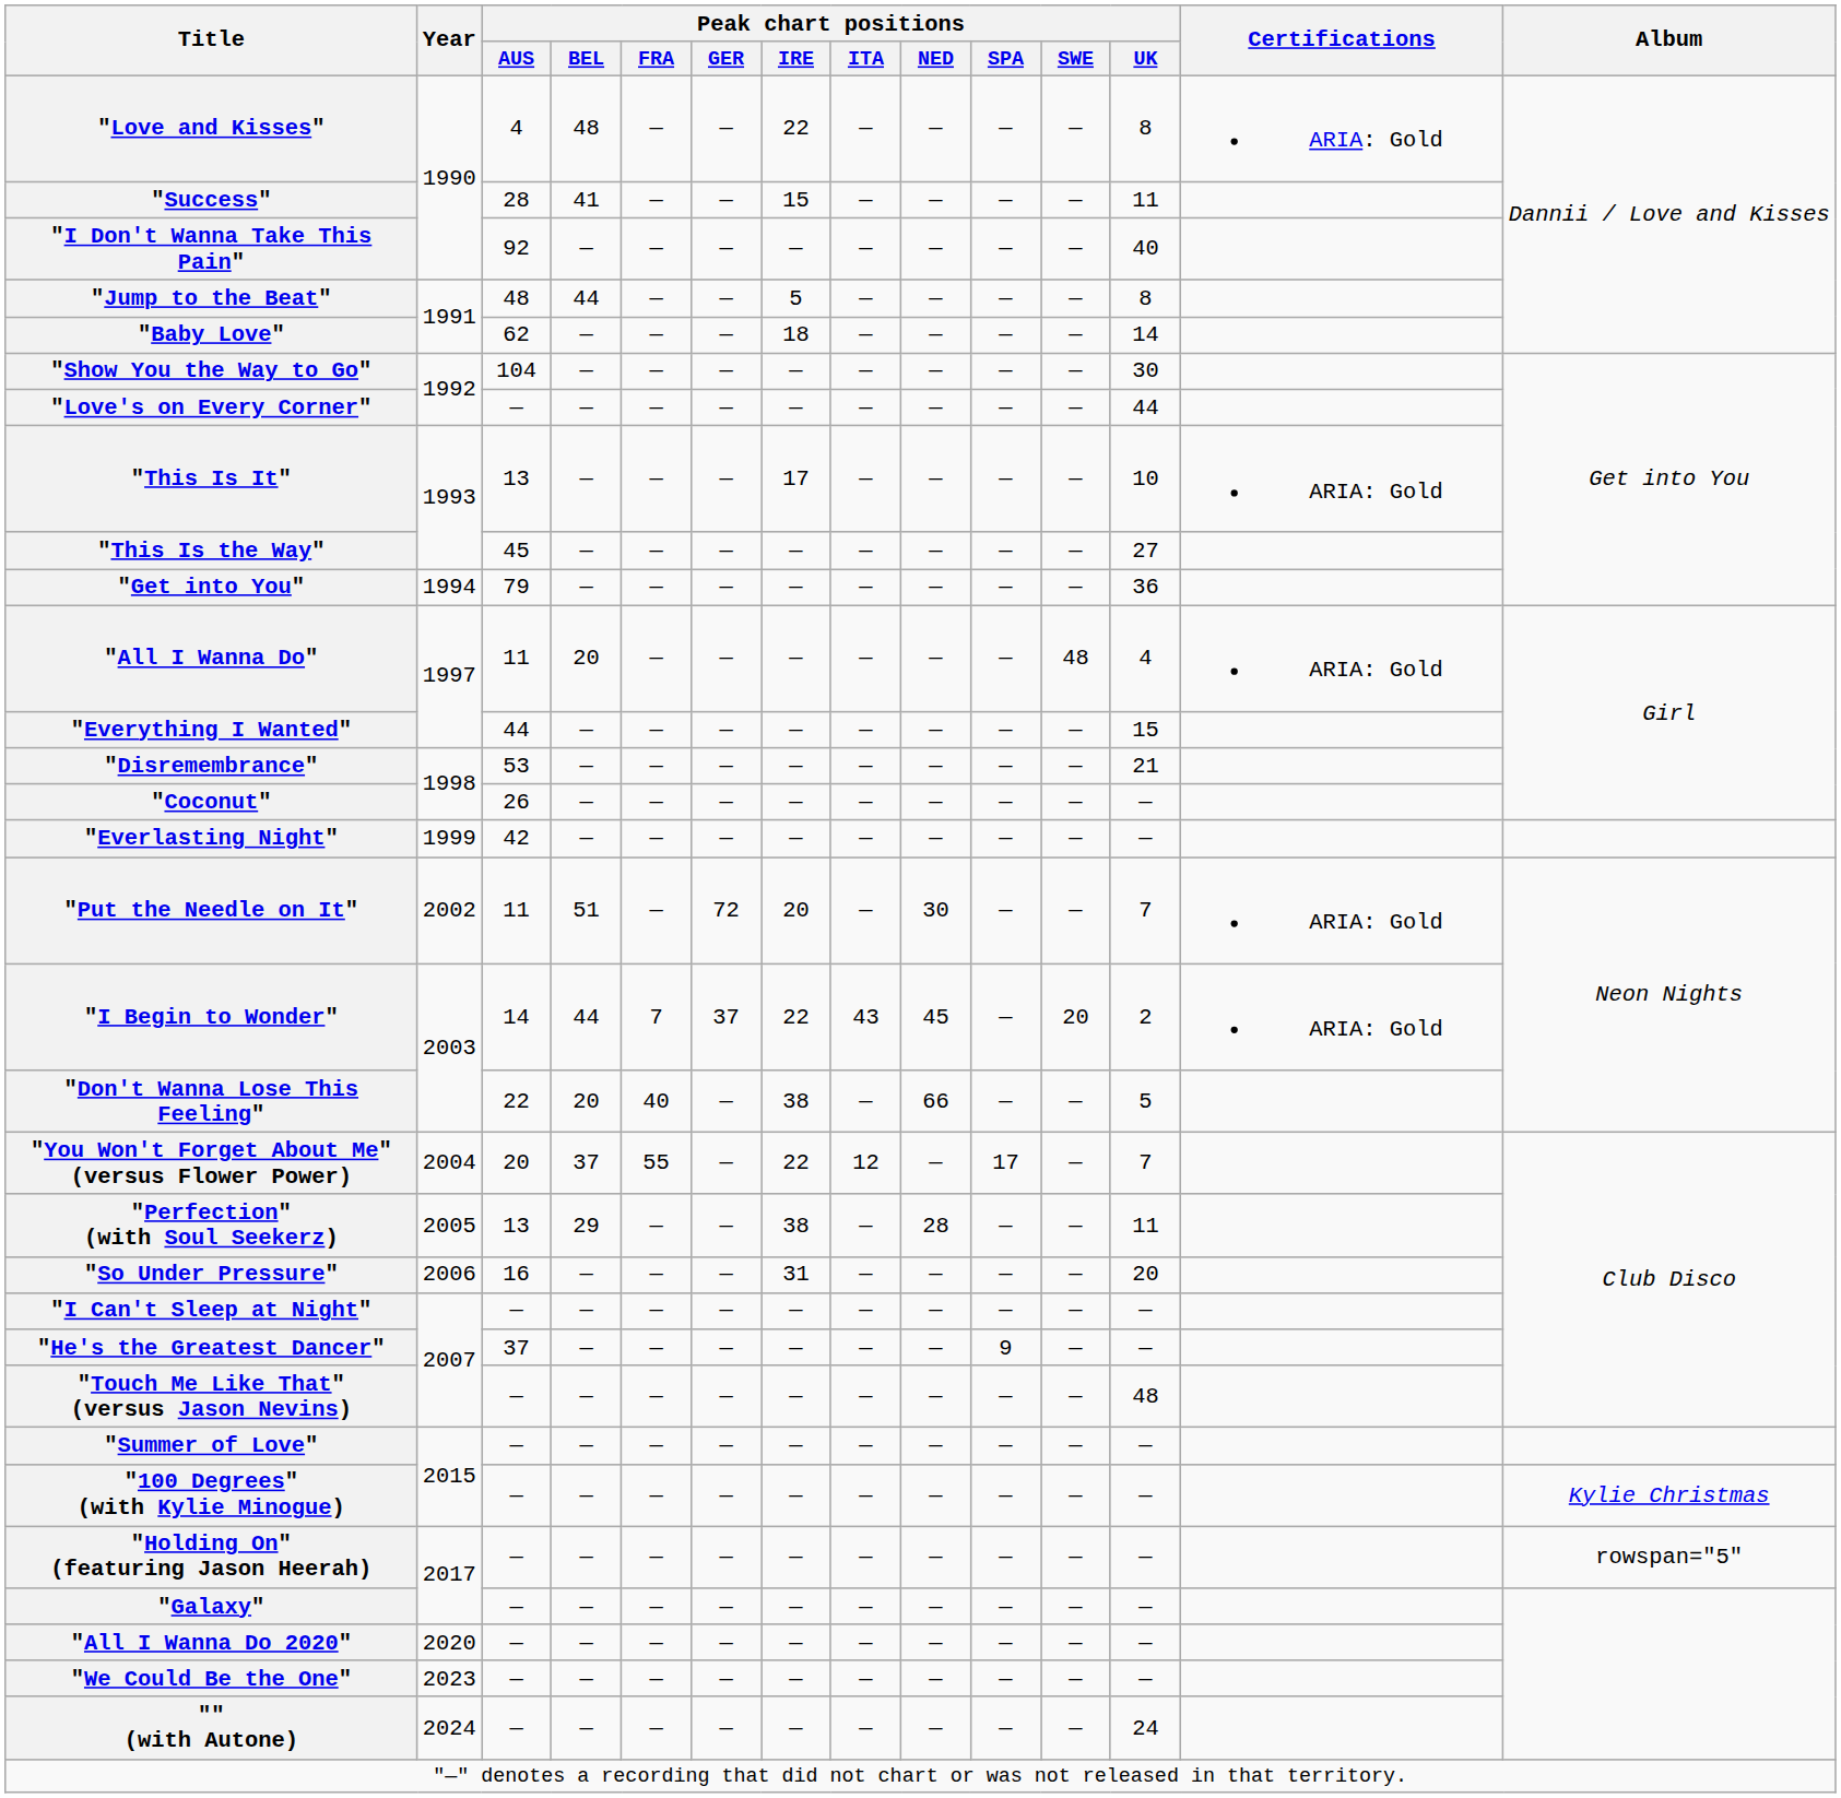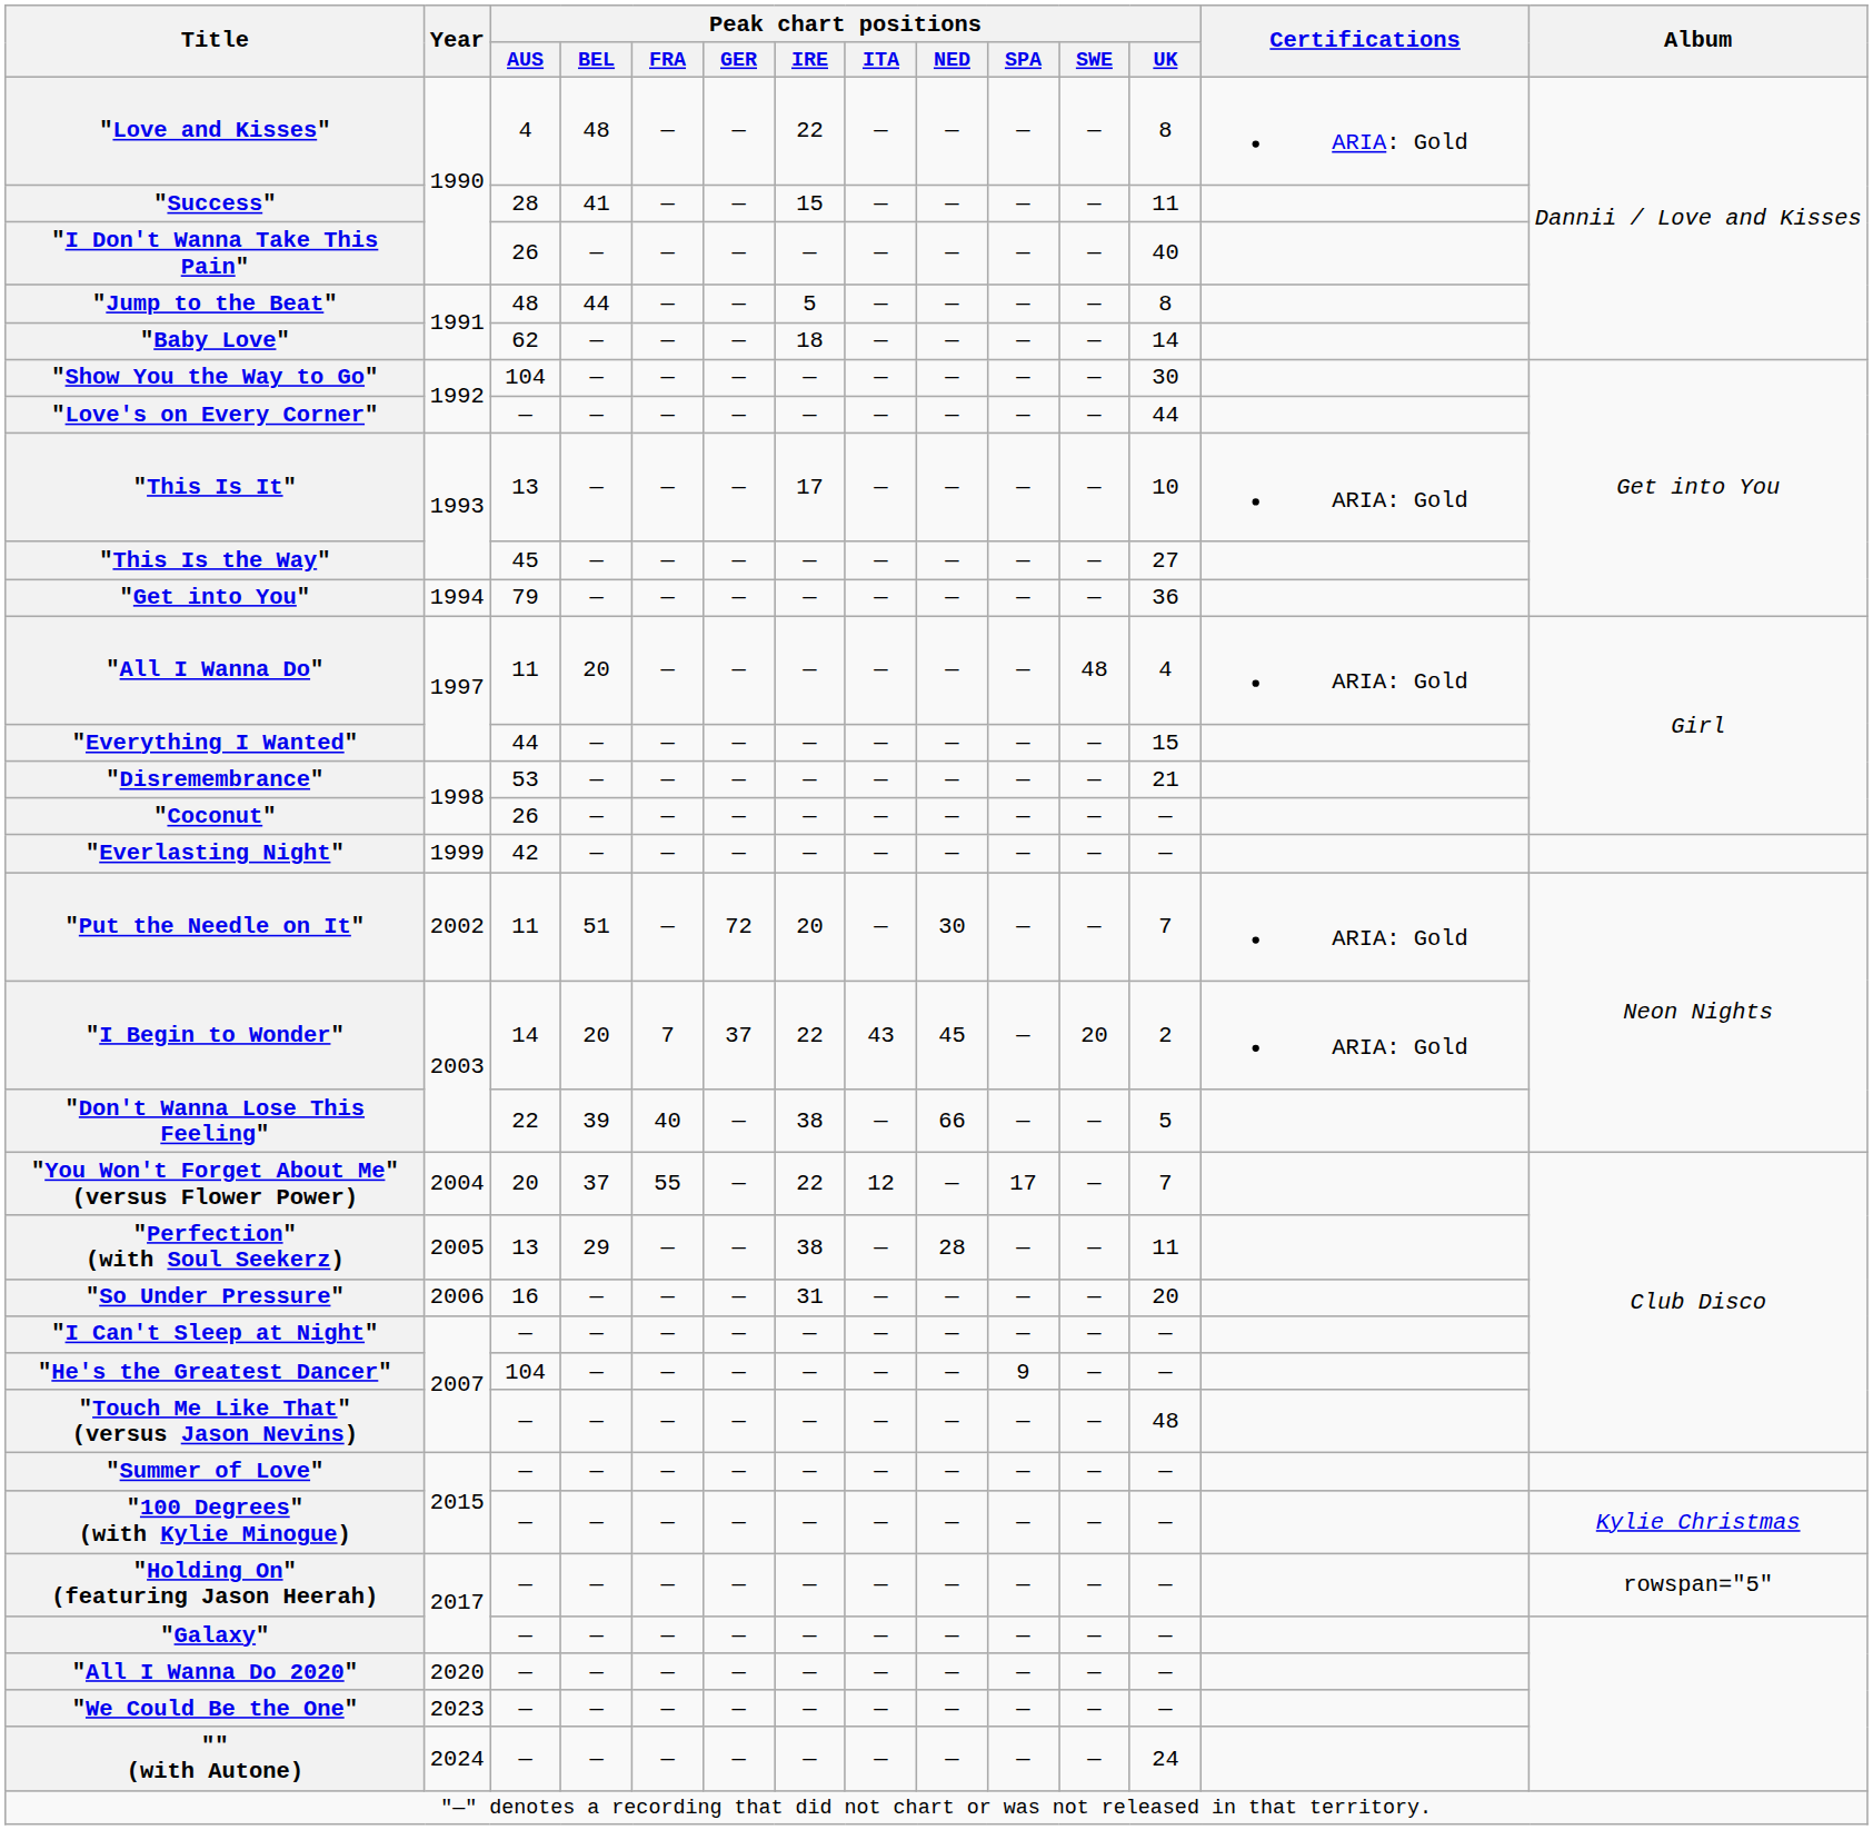 <table class="wikitable plainrowheaders" style="text-align:center;">
 <tr>
 <th scope="col" rowspan="2" style="width:18em;">Title</th>
 <th scope="col" rowspan="2">Year</th>
 <th scope="col" colspan="10">Peak chart positions</th>
 <th scope="col" rowspan="2" style="width:14em;"><a href='#'>Certifications</a></th>
 <th scope="col" rowspan="2">Album</th>
 </tr>
 <tr>
 <th style="width:3em;font-size:90%;"><a href='#'>AUS</a><br></th>
 <th style="width:3em;font-size:90%;"><a href='#'>BEL</a><br></th>
 <th style="width:3em;font-size:90%;"><a href='#'>FRA</a><br></th>
 <th style="width:3em;font-size:90%;"><a href='#'>GER</a><br></th>
 <th style="width:3em;font-size:90%;"><a href='#'>IRE</a><br></th>
 <th style="width:3em;font-size:90%;"><a href='#'>ITA</a><br></th>
 <th style="width:3em;font-size:90%;"><a href='#'>NED</a><br></th>
 <th style="width:3em;font-size:90%;"><a href='#'>SPA</a><br></th>
 <th style="width:3em;font-size:90%;"><a href='#'>SWE</a><br></th>
 <th style="width:3em;font-size:90%;"><a href='#'>UK</a><br></th>
 </tr>
 <tr>
 <th scope="row">"<a href='#'>Love and Kisses</a>"</th>
 <td rowspan="3">1990</td>
 <td>4</td>
 <td>48</td>
 <td>—</td>
 <td>—</td>
 <td>22</td>
 <td>—</td>
 <td>—</td>
 <td>—</td>
 <td>—</td>
 <td>8</td>
 <td><br><ul><li><a href='#'>ARIA</a>: Gold</li></ul></td>
 <td rowspan="5"><em>Dannii / Love and Kisses</em></td>
 </tr>
 <tr>
 <th scope="row">"<a href='#'>Success</a>"</th>
 <td>28</td>
 <td>41</td>
 <td>—</td>
 <td>—</td>
 <td>15</td>
 <td>—</td>
 <td>—</td>
 <td>—</td>
 <td>—</td>
 <td>11</td>
 <td></td>
 </tr>
 <tr>
 <th scope="row">"<a href='#'>I Don't Wanna Take This Pain</a>"</th>
-<td>92</td>
+<td>26</td>
 <td>—</td>
 <td>—</td>
 <td>—</td>
 <td>—</td>
 <td>—</td>
 <td>—</td>
 <td>—</td>
 <td>—</td>
 <td>40</td>
 <td></td>
 </tr>
 <tr>
 <th scope="row">"<a href='#'>Jump to the Beat</a>"</th>
 <td rowspan="2">1991</td>
 <td>48</td>
 <td>44</td>
 <td>—</td>
 <td>—</td>
 <td>5</td>
 <td>—</td>
 <td>—</td>
 <td>—</td>
 <td>—</td>
 <td>8</td>
 <td></td>
 </tr>
 <tr>
 <th scope="row">"<a href='#'>Baby Love</a>"</th>
 <td>62</td>
 <td>—</td>
 <td>—</td>
 <td>—</td>
 <td>18</td>
 <td>—</td>
 <td>—</td>
 <td>—</td>
 <td>—</td>
 <td>14</td>
 <td></td>
 </tr>
 <tr>
 <th scope="row">"<a href='#'>Show You the Way to Go</a>"</th>
 <td rowspan="2">1992</td>
 <td>104</td>
 <td>—</td>
 <td>—</td>
 <td>—</td>
 <td>—</td>
 <td>—</td>
 <td>—</td>
 <td>—</td>
 <td>—</td>
 <td>30</td>
 <td></td>
 <td rowspan="5"><em>Get into You</em></td>
 </tr>
 <tr>
 <th scope="row">"<a href='#'>Love's on Every Corner</a>"</th>
 <td>—</td>
 <td>—</td>
 <td>—</td>
 <td>—</td>
 <td>—</td>
 <td>—</td>
 <td>—</td>
 <td>—</td>
 <td>—</td>
 <td>44</td>
 <td></td>
 </tr>
 <tr>
 <th scope="row">"<a href='#'>This Is It</a>"</th>
 <td rowspan="2">1993</td>
 <td>13</td>
 <td>—</td>
 <td>—</td>
 <td>—</td>
 <td>17</td>
 <td>—</td>
 <td>—</td>
 <td>—</td>
 <td>—</td>
 <td>10</td>
 <td><br><ul><li>ARIA: Gold</li></ul></td>
 </tr>
 <tr>
 <th scope="row">"<a href='#'>This Is the Way</a>"</th>
 <td>45</td>
 <td>—</td>
 <td>—</td>
 <td>—</td>
 <td>—</td>
 <td>—</td>
 <td>—</td>
 <td>—</td>
 <td>—</td>
 <td>27</td>
 <td></td>
 </tr>
 <tr>
 <th scope="row">"<a href='#'>Get into You</a>"</th>
 <td>1994</td>
 <td>79</td>
 <td>—</td>
 <td>—</td>
 <td>—</td>
 <td>—</td>
 <td>—</td>
 <td>—</td>
 <td>—</td>
 <td>—</td>
 <td>36</td>
 <td></td>
 </tr>
 <tr>
 <th scope="row">"<a href='#'>All I Wanna Do</a>"</th>
 <td rowspan="2">1997</td>
 <td>11</td>
 <td>20</td>
 <td>—</td>
 <td>—</td>
 <td>—</td>
 <td>—</td>
 <td>—</td>
 <td>—</td>
 <td>48</td>
 <td>4</td>
 <td><br><ul><li>ARIA: Gold</li></ul></td>
 <td rowspan="4"><em>Girl</em></td>
 </tr>
 <tr>
 <th scope="row">"<a href='#'>Everything I Wanted</a>"</th>
 <td>44</td>
 <td>—</td>
 <td>—</td>
 <td>—</td>
 <td>—</td>
 <td>—</td>
 <td>—</td>
 <td>—</td>
 <td>—</td>
 <td>15</td>
 <td></td>
 </tr>
 <tr>
 <th scope="row">"<a href='#'>Disremembrance</a>"</th>
 <td rowspan="2">1998</td>
 <td>53</td>
 <td>—</td>
 <td>—</td>
 <td>—</td>
 <td>—</td>
 <td>—</td>
 <td>—</td>
 <td>—</td>
 <td>—</td>
 <td>21</td>
 <td></td>
 </tr>
 <tr>
 <th scope="row">"<a href='#'>Coconut</a>"</th>
 <td>26</td>
 <td>—</td>
 <td>—</td>
 <td>—</td>
 <td>—</td>
 <td>—</td>
 <td>—</td>
 <td>—</td>
 <td>—</td>
 <td>—</td>
 <td></td>
 </tr>
 <tr>
 <th scope="row">"<a href='#'>Everlasting Night</a>"</th>
 <td>1999</td>
 <td>42</td>
 <td>—</td>
 <td>—</td>
 <td>—</td>
 <td>—</td>
 <td>—</td>
 <td>—</td>
 <td>—</td>
 <td>—</td>
 <td>—</td>
 <td></td>
 <td></td>
 </tr>
 <tr>
 <th scope="row">"<a href='#'>Put the Needle on It</a>"</th>
 <td>2002</td>
 <td>11</td>
 <td>51</td>
 <td>—</td>
 <td>72</td>
 <td>20</td>
 <td>—</td>
 <td>30</td>
 <td>—</td>
 <td>—</td>
 <td>7</td>
 <td><br><ul><li>ARIA: Gold</li></ul></td>
 <td rowspan="3"><em>Neon Nights</em></td>
 </tr>
 <tr>
 <th scope="row">"<a href='#'>I Begin to Wonder</a>"</th>
 <td rowspan="2">2003</td>
 <td>14</td>
-<td>44</td>
+<td>20</td>
 <td>7</td>
 <td>37</td>
 <td>22</td>
 <td>43</td>
 <td>45</td>
 <td>—</td>
 <td>20</td>
 <td>2</td>
 <td><br><ul><li>ARIA: Gold</li></ul></td>
 </tr>
 <tr>
 <th scope="row">"<a href='#'>Don't Wanna Lose This Feeling</a>"</th>
 <td>22</td>
-<td>20</td>
+<td>39</td>
 <td>40</td>
 <td>—</td>
 <td>38</td>
 <td>—</td>
 <td>66</td>
 <td>—</td>
 <td>—</td>
 <td>5</td>
 <td></td>
 </tr>
 <tr>
 <th scope="row">"<a href='#'>You Won't Forget About Me</a>" <br><span>(versus Flower Power)</span></th>
 <td>2004</td>
 <td>20</td>
 <td>37</td>
 <td>55</td>
 <td>—</td>
 <td>22</td>
 <td>12</td>
 <td>—</td>
 <td>17</td>
 <td>—</td>
 <td>7</td>
 <td></td>
 <td rowspan="6"><em>Club Disco</em></td>
 </tr>
 <tr>
 <th scope="row">"<a href='#'>Perfection</a>" <br><span>(with <a href='#'>Soul Seekerz</a>)</span></th>
 <td>2005</td>
 <td>13</td>
 <td>29</td>
 <td>—</td>
 <td>—</td>
 <td>38</td>
 <td>—</td>
 <td>28</td>
 <td>—</td>
 <td>—</td>
 <td>11</td>
 <td></td>
 </tr>
 <tr>
 <th scope="row">"<a href='#'>So Under Pressure</a>"</th>
 <td>2006</td>
 <td>16</td>
 <td>—</td>
 <td>—</td>
 <td>—</td>
 <td>31</td>
 <td>—</td>
 <td>—</td>
 <td>—</td>
 <td>—</td>
 <td>20</td>
 <td></td>
 </tr>
 <tr>
 <th scope="row">"<a href='#'>I Can't Sleep at Night</a>"</th>
 <td rowspan="3">2007</td>
 <td>—</td>
 <td>—</td>
 <td>—</td>
 <td>—</td>
 <td>—</td>
 <td>—</td>
 <td>—</td>
 <td>—</td>
 <td>—</td>
 <td>—</td>
 <td></td>
 </tr>
 <tr>
 <th scope="row">"<a href='#'>He's the Greatest Dancer</a>"</th>
-<td>37</td>
+<td>104</td>
 <td>—</td>
 <td>—</td>
 <td>—</td>
 <td>—</td>
 <td>—</td>
 <td>—</td>
 <td>9</td>
 <td>—</td>
 <td>—</td>
 <td></td>
 </tr>
 <tr>
 <th scope="row">"<a href='#'>Touch Me Like That</a>" <br><span>(versus <a href='#'>Jason Nevins</a>)</span></th>
 <td>—</td>
 <td>—</td>
 <td>—</td>
 <td>—</td>
 <td>—</td>
 <td>—</td>
 <td>—</td>
 <td>—</td>
 <td>—</td>
 <td>48</td>
 <td></td>
 </tr>
 <tr>
 <th scope="row">"<a href='#'>Summer of Love</a>"</th>
 <td rowspan="2">2015</td>
 <td>—</td>
 <td>—</td>
 <td>—</td>
 <td>—</td>
 <td>—</td>
 <td>—</td>
 <td>—</td>
 <td>—</td>
 <td>—</td>
 <td>—</td>
 <td></td>
 <td></td>
 </tr>
 <tr>
 <th scope="row">"<a href='#'>100 Degrees</a>" <br><span>(with <a href='#'>Kylie Minogue</a>)</span></th>
 <td>—</td>
 <td>—</td>
 <td>—</td>
 <td>—</td>
 <td>—</td>
 <td>—</td>
 <td>—</td>
 <td>—</td>
 <td>—</td>
 <td>—</td>
 <td></td>
 <td><em><a href='#'>Kylie Christmas</a></em></td>
 </tr>
 <tr>
 <th scope="row">"<a href='#'>Holding On</a>"<br> <span>(featuring Jason Heerah)</span></th>
 <td rowspan="2">2017</td>
 <td>—</td>
 <td>—</td>
 <td>—</td>
 <td>—</td>
 <td>—</td>
 <td>—</td>
 <td>—</td>
 <td>—</td>
 <td>—</td>
 <td>—</td>
 <td></td>
 <td>rowspan="5" </td>
 </tr>
 <tr>
 <th scope="row">"<a href='#'>Galaxy</a>"</th>
 <td>—</td>
 <td>—</td>
 <td>—</td>
 <td>—</td>
 <td>—</td>
 <td>—</td>
 <td>—</td>
 <td>—</td>
 <td>—</td>
 <td>—</td>
 <td></td>
 </tr>
 <tr>
 <th scope="row">"<a href='#'>All I Wanna Do 2020</a>"</th>
 <td>2020</td>
 <td>—</td>
 <td>—</td>
 <td>—</td>
 <td>—</td>
 <td>—</td>
 <td>—</td>
 <td>—</td>
 <td>—</td>
 <td>—</td>
 <td>—</td>
 <td></td>
 </tr>
 <tr>
 <th scope="row">"<a href='#'>We Could Be the One</a>"</th>
 <td>2023</td>
 <td>—</td>
 <td>—</td>
 <td>—</td>
 <td>—</td>
 <td>—</td>
 <td>—</td>
 <td>—</td>
 <td>—</td>
 <td>—</td>
 <td>—</td>
 <td></td>
 </tr>
 <tr>
 <th scope="row">"" <br><span>(with Autone)</span></th>
 <td>2024</td>
 <td>—</td>
 <td>—</td>
 <td>—</td>
 <td>—</td>
 <td>—</td>
 <td>—</td>
 <td>—</td>
 <td>—</td>
 <td>—</td>
 <td —{{efn>24</td>
 <td></td>
 </tr>
 <tr>
 <td colspan="14" style="font-size:90%">"—" denotes a recording that did not chart or was not released in that territory.</td>
 </tr>
 </table>
